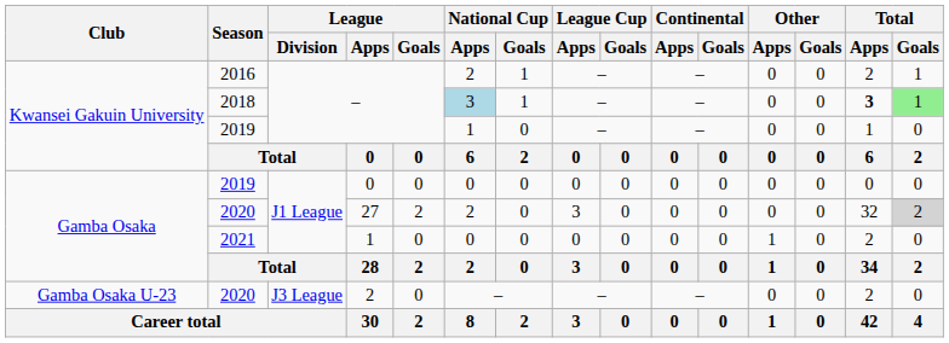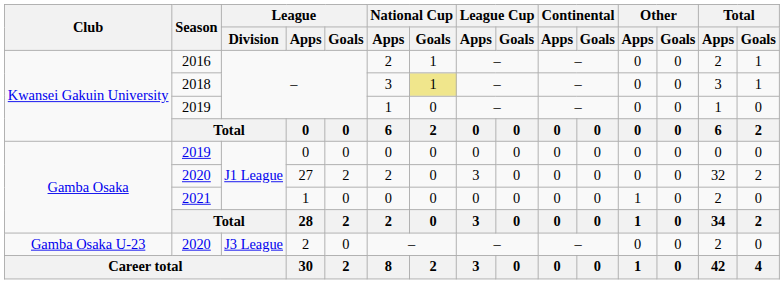 <table class="wikitable" style="text-align: center">
 <tr>
 <th rowspan="2">Club</th>
 <th rowspan="2">Season</th>
 <th colspan="3">League</th>
 <th colspan="2">National Cup</th>
 <th colspan="2">League Cup</th>
 <th colspan="2">Continental</th>
 <th colspan="2">Other</th>
 <th colspan="2">Total</th>
 </tr>
 <tr>
 <th>Division</th>
 <th>Apps</th>
 <th>Goals</th>
 <th>Apps</th>
 <th>Goals</th>
 <th>Apps</th>
 <th>Goals</th>
 <th>Apps</th>
 <th>Goals</th>
 <th>Apps</th>
 <th>Goals</th>
 <th>Apps</th>
 <th>Goals</th>
 </tr>
 <tr>
 <td rowspan="4"><a href='#'>Kwansei Gakuin University</a></td>
 <td>2016</td>
 <td colspan="3" rowspan="3">–</td>
 <td>2</td>
 <td>1</td>
 <td colspan="2">–</td>
 <td colspan="2">–</td>
 <td>0</td>
 <td>0</td>
 <td>2</td>
 <td>1</td>
 </tr>
 <tr>
 <td>2018</td>
-<td style="background: lightblue;">3</td>
-<td>1</td>
+<td>3</td>
+<td style="background: khaki;">1</td>
 <td colspan="2">–</td>
 <td colspan="2">–</td>
 <td>0</td>
 <td>0</td>
-<td><strong>3</strong></td>
-<td style="background: lightgreen;">1</td>
+<td>3</td>
+<td>1</td>
 </tr>
 <tr>
 <td>2019</td>
 <td>1</td>
 <td>0</td>
 <td colspan="2">–</td>
 <td colspan="2">–</td>
 <td>0</td>
 <td>0</td>
 <td>1</td>
 <td>0</td>
 </tr>
 <tr>
 <th colspan=2>Total</th>
 <th>0</th>
 <th>0</th>
 <th>6</th>
 <th>2</th>
 <th>0</th>
 <th>0</th>
 <th>0</th>
 <th>0</th>
 <th>0</th>
 <th>0</th>
 <th>6</th>
 <th>2</th>
 </tr>
 <tr>
 <td rowspan="4"><a href='#'>Gamba Osaka</a></td>
 <td><a href='#'>2019</a></td>
 <td rowspan="3"><a href='#'>J1 League</a></td>
 <td>0</td>
 <td>0</td>
 <td>0</td>
 <td>0</td>
 <td>0</td>
 <td>0</td>
 <td>0</td>
 <td>0</td>
 <td>0</td>
 <td>0</td>
 <td>0</td>
 <td>0</td>
 </tr>
 <tr>
 <td><a href='#'>2020</a></td>
 <td>27</td>
 <td>2</td>
 <td>2</td>
 <td>0</td>
 <td>3</td>
 <td>0</td>
 <td>0</td>
 <td>0</td>
 <td>0</td>
 <td>0</td>
 <td>32</td>
-<td style="background: lightgrey;">2</td>
+<td>2</td>
 </tr>
 <tr>
 <td><a href='#'>2021</a></td>
 <td>1</td>
 <td>0</td>
 <td>0</td>
 <td>0</td>
 <td>0</td>
 <td>0</td>
 <td>0</td>
 <td>0</td>
 <td>1</td>
 <td>0</td>
 <td>2</td>
 <td>0</td>
 </tr>
 <tr>
 <th colspan=2>Total</th>
 <th>28</th>
 <th>2</th>
 <th>2</th>
 <th>0</th>
 <th>3</th>
 <th>0</th>
 <th>0</th>
 <th>0</th>
 <th>1</th>
 <th>0</th>
 <th>34</th>
 <th>2</th>
 </tr>
 <tr>
 <td><a href='#'>Gamba Osaka U-23</a></td>
 <td><a href='#'>2020</a></td>
 <td><a href='#'>J3 League</a></td>
 <td>2</td>
 <td>0</td>
 <td colspan="2">–</td>
 <td colspan="2">–</td>
 <td colspan="2">–</td>
 <td>0</td>
 <td>0</td>
 <td>2</td>
 <td>0</td>
 </tr>
 <tr>
 <th colspan=3>Career total</th>
 <th>30</th>
 <th>2</th>
 <th>8</th>
 <th>2</th>
 <th>3</th>
 <th>0</th>
 <th>0</th>
 <th>0</th>
 <th>1</th>
 <th>0</th>
 <th>42</th>
 <th>4</th>
 </tr>
 </table>
